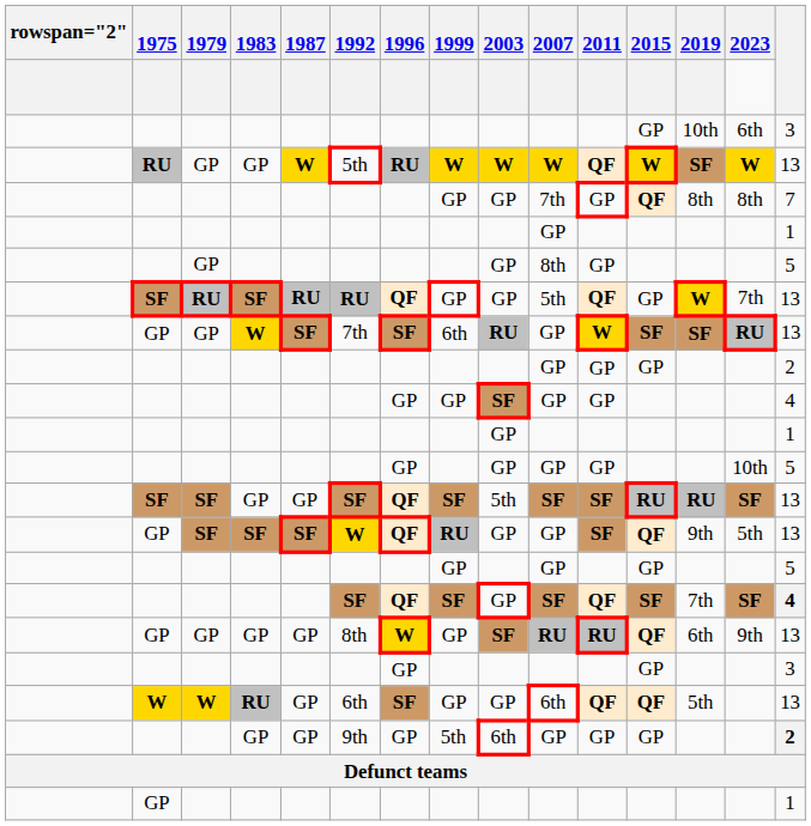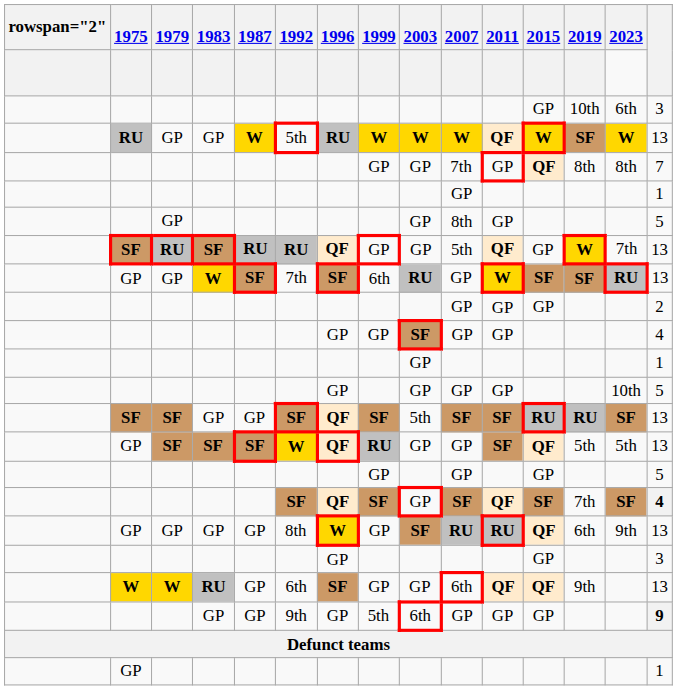 <table class="wikitable" style="text-align: center;">
 <tr>
 <th>rowspan="2" </th>
 <th><br><a href='#'>1975</a></th>
 <th><br><a href='#'>1979</a></th>
 <th><br><a href='#'>1983</a></th>
 <th><br><a href='#'>1987</a></th>
 <th><br><a href='#'>1992</a></th>
 <th><br><a href='#'>1996</a></th>
 <th><br><a href='#'>1999</a></th>
 <th><br><a href='#'>2003</a></th>
 <th><br><a href='#'>2007</a></th>
 <th><br><a href='#'>2011</a></th>
 <th><br><a href='#'>2015</a></th>
 <th><br><a href='#'>2019</a></th>
 <th><br><a href='#'>2023</a></th>
 <th rowspan="2"></th>
 </tr>
 <tr>
 <th></th>
 <th></th>
 <th><br></th>
 <th><br></th>
 <th><br></th>
 <th><br><br></th>
 <th><br><br></th>
 <th><br><br></th>
 <th></th>
 <th><br><br></th>
 <th><br></th>
 <th><br></th>
 <th></th>
 </tr>
 <tr>
 <td style="text-align:left"></td>
 <td></td>
 <td></td>
 <td></td>
 <td></td>
 <td></td>
 <td></td>
 <td></td>
 <td></td>
 <td></td>
 <td></td>
 <td>GP</td>
 <td>10th</td>
 <td>6th</td>
 <td>3</td>
 </tr>
 <tr>
 <td style="text-align:left"></td>
 <td style="background: silver"><strong>RU</strong></td>
 <td>GP</td>
 <td>GP</td>
 <td style="background: gold"><strong>W</strong></td>
 <td style="border: 3px solid red">5th</td>
 <td style="background: silver"><strong>RU</strong></td>
 <td style="background: gold"><strong>W</strong></td>
 <td style="background: gold"><strong>W</strong></td>
 <td style="background: gold"><strong>W</strong></td>
 <td style="background:#ffebcd;"><strong>QF</strong></td>
 <td style="border: 3px solid red; background: gold"><strong>W</strong></td>
 <td style="background-color: #cc9966"><strong>SF</strong></td>
 <td style="background: gold"><strong>W</strong></td>
 <td>13</td>
 </tr>
 <tr>
 <td style="text-align:left"></td>
 <td></td>
 <td></td>
 <td></td>
 <td></td>
 <td></td>
 <td></td>
 <td>GP</td>
 <td>GP</td>
 <td>7th</td>
 <td style="border: 3px solid red">GP</td>
 <td style="background:#ffebcd;"><strong>QF</strong></td>
 <td>8th</td>
 <td>8th</td>
 <td>7</td>
 </tr>
 <tr>
 <td style="text-align:left"></td>
 <td></td>
 <td></td>
 <td></td>
 <td></td>
 <td></td>
 <td></td>
 <td></td>
 <td></td>
 <td>GP</td>
 <td></td>
 <td></td>
 <td></td>
 <td></td>
 <td>1</td>
 </tr>
 <tr>
 <td style="text-align:left"></td>
 <td></td>
 <td>GP</td>
 <td></td>
 <td></td>
 <td></td>
 <td></td>
 <td></td>
 <td>GP</td>
 <td>8th</td>
 <td>GP</td>
 <td></td>
 <td></td>
 <td></td>
 <td>5</td>
 </tr>
 <tr>
 <td style="text-align:left"></td>
 <td style="border: 3px solid red; background-color: #cc9966"><strong>SF</strong></td>
 <td style="border: 3px solid red; background: silver"><strong>RU</strong></td>
 <td style="border: 3px solid red; background-color: #cc9966"><strong>SF</strong></td>
 <td style="background: silver"><strong>RU</strong></td>
 <td style="background: silver"><strong>RU</strong></td>
 <td style="background:#ffebcd;"><strong>QF</strong></td>
 <td style="border: 3px solid red">GP</td>
 <td>GP</td>
 <td>5th</td>
 <td style="background:#ffebcd;"><strong>QF</strong></td>
 <td>GP</td>
 <td style="border: 3px solid red; background: gold"><strong>W</strong></td>
 <td>7th</td>
 <td>13</td>
 </tr>
 <tr>
 <td style="text-align:left"></td>
 <td>GP</td>
 <td>GP</td>
 <td style="background: gold"><strong>W</strong></td>
 <td style="border: 3px solid red; background-color: #cc9966"><strong>SF</strong></td>
 <td>7th</td>
 <td style="border: 3px solid red; background-color: #cc9966"><strong>SF</strong></td>
 <td>6th</td>
 <td style="background:silver"><strong>RU</strong></td>
 <td>GP</td>
 <td style="border: 3px solid red; background: gold"><strong>W</strong></td>
 <td style="background-color: #cc9966"><strong>SF</strong></td>
 <td style="background-color: #cc9966"><strong>SF</strong></td>
 <td style="border: 3px solid red;background: silver"><strong>RU</strong></td>
 <td>13</td>
 </tr>
 <tr>
 <td style="text-align:left"></td>
 <td></td>
 <td></td>
 <td></td>
 <td></td>
 <td></td>
 <td></td>
 <td></td>
 <td></td>
 <td>GP</td>
 <td>GP</td>
 <td>GP</td>
 <td></td>
 <td></td>
 <td>2</td>
 </tr>
 <tr>
 <td style="text-align:left"></td>
 <td></td>
 <td></td>
 <td></td>
 <td></td>
 <td></td>
 <td>GP</td>
 <td>GP</td>
 <td style="border: 3px solid red; background-color: #cc9966"><strong>SF</strong></td>
 <td>GP</td>
 <td>GP</td>
 <td></td>
 <td></td>
 <td></td>
 <td>4</td>
 </tr>
 <tr>
 <td style="text-align:left"></td>
 <td></td>
 <td></td>
 <td></td>
 <td></td>
 <td></td>
 <td></td>
 <td></td>
 <td>GP</td>
 <td></td>
 <td></td>
 <td></td>
 <td></td>
 <td></td>
 <td>1</td>
 </tr>
 <tr>
 <td style="text-align:left"></td>
 <td></td>
 <td></td>
 <td></td>
 <td></td>
 <td></td>
 <td>GP</td>
 <td></td>
 <td>GP</td>
 <td>GP</td>
 <td>GP</td>
 <td></td>
 <td></td>
 <td>10th</td>
 <td>5</td>
 </tr>
 <tr>
 <td style="text-align:left"></td>
 <td style="background-color: #cc9966"><strong>SF</strong></td>
 <td style="background-color: #cc9966"><strong>SF</strong></td>
 <td>GP</td>
 <td>GP</td>
 <td style="border: 3px solid red; background-color: #cc9966"><strong>SF</strong></td>
 <td style="background:#ffebcd;"><strong>QF</strong></td>
 <td style="background-color: #cc9966"><strong>SF</strong></td>
 <td>5th</td>
 <td style="background-color: #cc9966"><strong>SF</strong></td>
 <td style="background-color: #cc9966"><strong>SF</strong></td>
 <td style="border: 3px solid red; background: silver"><strong>RU</strong></td>
 <td style="background: silver"><strong>RU</strong></td>
 <td style="background-color: #cc9966"><strong>SF</strong></td>
 <td>13</td>
 </tr>
 <tr>
 <td style="text-align:left"></td>
 <td>GP</td>
 <td style="background-color: #cc9966"><strong>SF</strong></td>
 <td style="background-color: #cc9966"><strong>SF</strong></td>
 <td style="border: 3px solid red; background-color: #cc9966"><strong>SF</strong></td>
 <td style="background: gold"><strong>W</strong></td>
 <td style="border: 3px solid red; background:#ffebcd;"><strong>QF</strong></td>
 <td style="background: silver"><strong>RU</strong></td>
 <td>GP</td>
 <td>GP</td>
 <td style="background-color: #cc9966"><strong>SF</strong></td>
 <td style="background:#ffebcd;"><strong>QF</strong></td>
-<td>9th</td>
+<td>5th</td>
 <td>5th</td>
 <td>13</td>
 </tr>
 <tr>
 <td style="text-align:left"></td>
 <td></td>
 <td></td>
 <td></td>
 <td></td>
 <td></td>
 <td></td>
 <td>GP</td>
 <td></td>
 <td>GP</td>
 <td></td>
 <td>GP</td>
 <td></td>
 <td></td>
 <td>5</td>
 </tr>
 <tr>
 <td style="text-align:left"></td>
 <td></td>
 <td></td>
 <td></td>
 <td></td>
 <td style="background-color: #cc9966"><strong>SF</strong></td>
 <td style="background:#ffebcd;"><strong>QF</strong></td>
 <td style="background-color: #cc9966"><strong>SF</strong></td>
 <td style="border: 3px solid red;">GP</td>
 <td style="background-color: #cc9966"><strong>SF</strong></td>
 <td style="background:#ffebcd;"><strong>QF</strong></td>
 <td style="background-color: #cc9966"><strong>SF</strong></td>
 <td>7th</td>
 <td style="background-color: #cc9966"><strong>SF</strong></td>
 <th>4</th>
 </tr>
 <tr>
 <td style="text-align:left"></td>
 <td>GP</td>
 <td>GP</td>
 <td>GP</td>
 <td>GP</td>
 <td>8th</td>
 <td style="border: 3px solid red; background: gold"><strong>W</strong></td>
 <td>GP</td>
 <td style="background-color: #cc9966"><strong>SF</strong></td>
 <td style="background: silver"><strong>RU</strong></td>
 <td style="border: 3px solid red; background: silver"><strong>RU</strong></td>
 <td style="background:#ffebcd;"><strong>QF</strong></td>
 <td>6th</td>
 <td>9th</td>
 <td>13</td>
 </tr>
 <tr>
 <td style="text-align:left"></td>
 <td></td>
 <td></td>
 <td></td>
 <td></td>
 <td></td>
 <td>GP</td>
 <td></td>
 <td></td>
 <td></td>
 <td></td>
 <td>GP</td>
 <td></td>
 <td></td>
 <td>3</td>
 </tr>
 <tr>
 <td style="text-align:left"></td>
 <td style="background: gold"><strong>W</strong></td>
 <td style="background: gold"><strong>W</strong></td>
 <td style="background: silver"><strong>RU</strong></td>
 <td>GP</td>
 <td>6th</td>
 <td style="background-color: #cc9966"><strong>SF</strong></td>
 <td>GP</td>
 <td>GP</td>
 <td style="border: 3px solid red;">6th</td>
 <td style="background:#ffebcd;"><strong>QF</strong></td>
 <td style="background:#ffebcd;"><strong>QF</strong></td>
-<td>5th</td>
+<td>9th</td>
 <td></td>
 <td>13</td>
 </tr>
 <tr>
 <td style="text-align:left"></td>
 <td></td>
 <td></td>
 <td>GP</td>
 <td>GP</td>
 <td>9th</td>
 <td>GP</td>
 <td>5th</td>
 <td style="border: 3px solid red;">6th</td>
 <td>GP</td>
 <td>GP</td>
 <td>GP</td>
 <td></td>
 <td></td>
-<th>2</th>
+<th>9</th>
 </tr>
 <tr>
 <th colspan="16">Defunct teams</th>
 </tr>
 <tr>
 <td style="text-align:left"></td>
 <td>GP</td>
 <td></td>
 <td></td>
 <td></td>
 <td></td>
 <td></td>
 <td></td>
 <td></td>
 <td></td>
 <td></td>
 <td></td>
 <td></td>
 <td></td>
 <td>1</td>
 </tr>
 </table>
